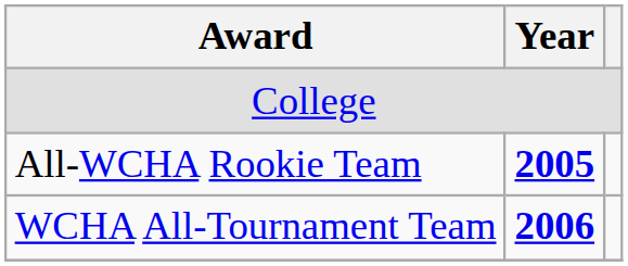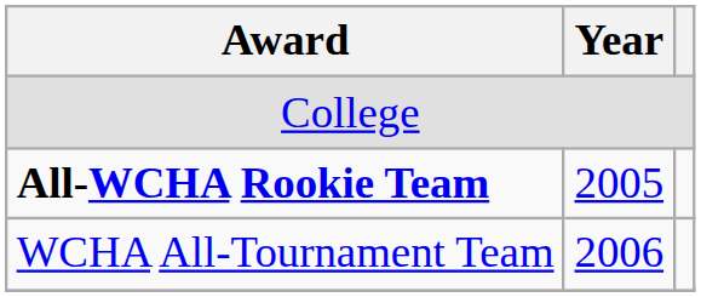 <table class="wikitable">
 <tr>
 <th>Award</th>
 <th>Year</th>
 <th></th>
 </tr>
 <tr ALIGN="center" bgcolor="#e0e0e0">
 <td colspan="3"><a href='#'>College</a></td>
 </tr>
 <tr>
-<td>All-<a href='#'>WCHA</a> <a href='#'>Rookie Team</a></td>
-<td><strong><a href='#'>2005</a></strong></td>
+<td><strong>All-<a href='#'>WCHA</a> <a href='#'>Rookie Team</a></strong></td>
+<td><a href='#'>2005</a></td>
 <td></td>
 </tr>
 <tr>
 <td><a href='#'>WCHA</a> <a href='#'>All-Tournament Team</a></td>
-<td><strong><a href='#'>2006</a></strong></td>
+<td><a href='#'>2006</a></td>
 <td></td>
 </tr>
 <tr>
 </tr>
 </table>
